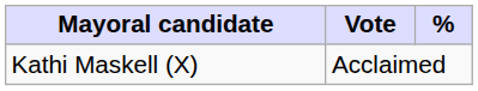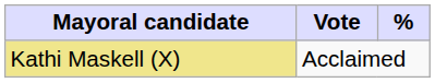 <table class="wikitable">
 <tr>
 <th style="background:#ddf; width:200px;">Mayoral candidate </th>
 <th style="background:#ddf; width:50px;">Vote</th>
 <th style="background:#ddf; width:30px;">%</th>
 </tr>
 <tr>
-<td>Kathi Maskell (X)</td>
+<td style="background: khaki;">Kathi Maskell (X)</td>
 <td colspan="2">Acclaimed</td>
 </tr>
 </table>
